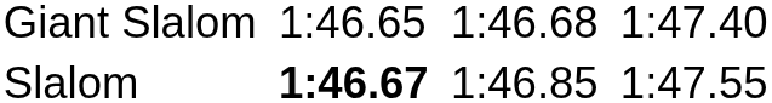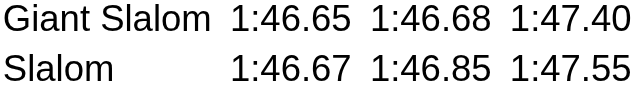 <table>
 <tr>
 <td>Giant Slalom</td>
 <td></td>
 <td>1:46.65</td>
 <td></td>
 <td>1:46.68</td>
 <td></td>
 <td>1:47.40</td>
 </tr>
 <tr>
 <td>Slalom</td>
 <td></td>
-<td><strong>1:46.67</strong></td>
+<td>1:46.67</td>
 <td></td>
 <td>1:46.85</td>
 <td></td>
 <td>1:47.55</td>
 </tr>
 </table>
